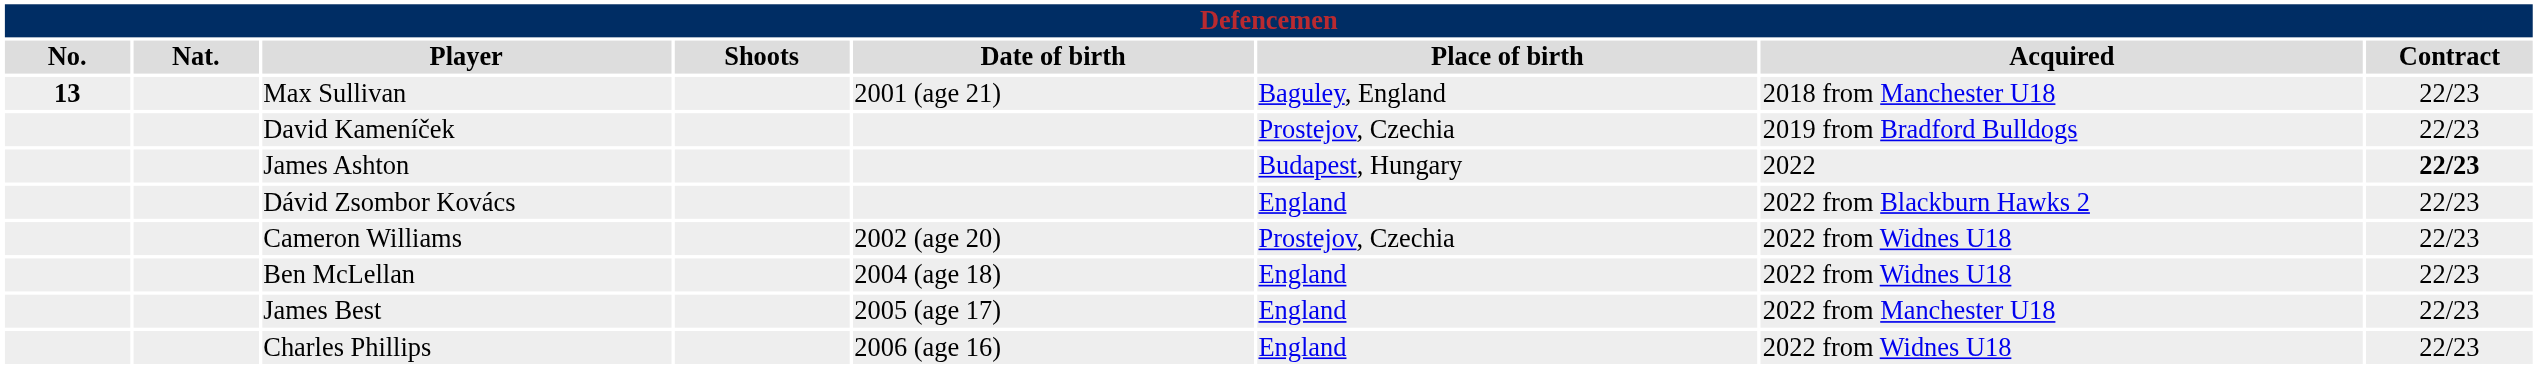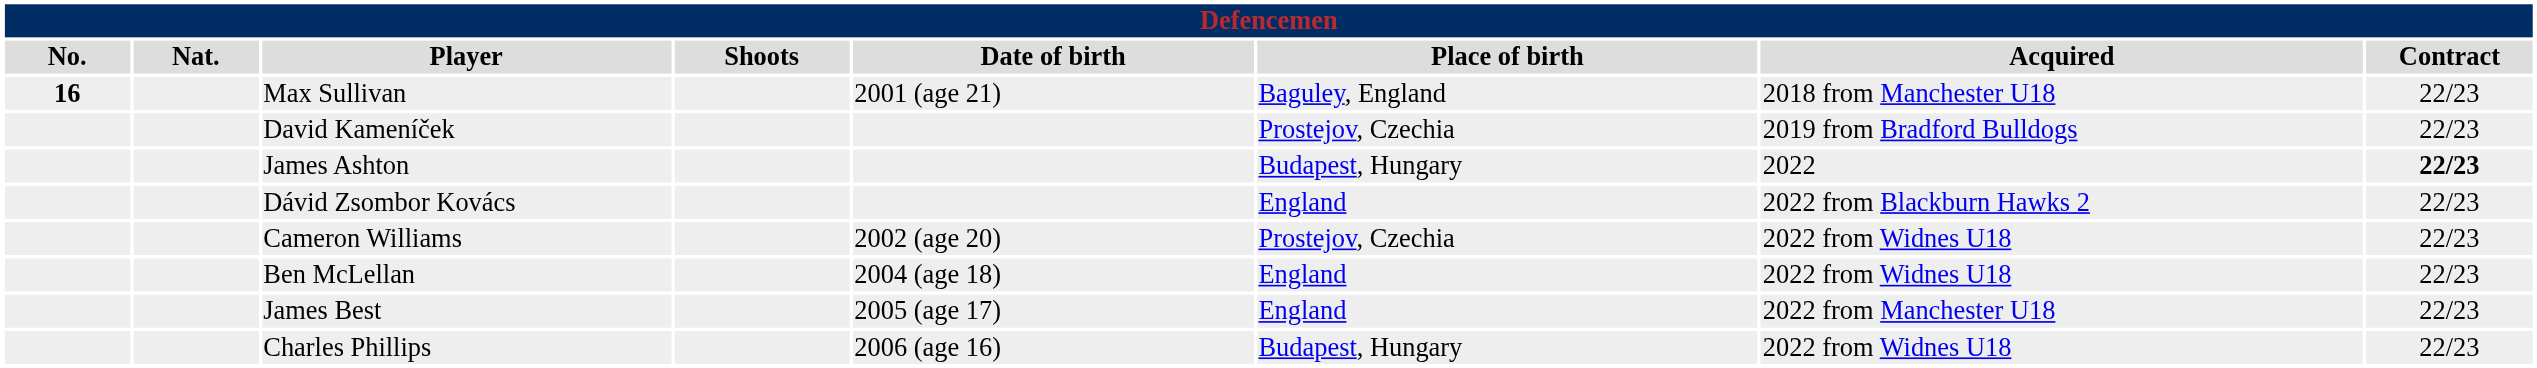 <table class="toccolours"  style="width:97%; clear:both; margin:1.5em auto; text-align:center;">
 <tr style="background:#ddd;">
 <th colspan="11" style="background:#002d64; color:#b92a30;”">Defencemen</th>
 </tr>
 <tr style="background:#ddd;">
 <th width=5%>No.</th>
 <th width=5%>Nat.</th>
 <th !width=22%>Player</th>
 <th width=7%>Shoots</th>
 <th width=16%>Date of birth</th>
 <th width=20%>Place of birth</th>
 <th width=24%>Acquired</th>
 <td><strong>Contract</strong></td>
 </tr>
 <tr style="background:#eee;">
-<td><strong>13</strong></td>
+<td><strong>16</strong></td>
 <td></td>
 <td align=left>Max Sullivan</td>
 <td></td>
 <td align=left>2001 (age 21)</td>
 <td align=left><a href='#'>Baguley</a>, England</td>
 <td align=left>2018 from <a href='#'>Manchester U18</a></td>
 <td>22/23</td>
 </tr>
 <tr style="background:#eee;">
 <td></td>
 <td></td>
 <td align=left>David Kameníček</td>
 <td></td>
 <td align=left></td>
 <td align=left><a href='#'>Prostejov</a>, Czechia</td>
 <td align=left>2019 from <a href='#'>Bradford Bulldogs</a></td>
 <td>22/23</td>
 </tr>
 <tr style="background:#eee;">
 <td></td>
 <td></td>
 <td align=left>James Ashton</td>
 <td></td>
 <td align=left></td>
 <td align=left><a href='#'>Budapest</a>, Hungary</td>
 <td align=left>2022</td>
 <td><strong>22/23</strong></td>
 </tr>
 <tr style="background:#eee;">
 <td></td>
 <td></td>
 <td align=left>Dávid Zsombor Kovács</td>
 <td></td>
 <td align=left></td>
 <td align=left><a href='#'>England</a></td>
 <td align=left>2022 from <a href='#'>Blackburn Hawks 2</a></td>
 <td>22/23</td>
 </tr>
 <tr style="background:#eee;">
 <td></td>
 <td></td>
 <td align=left>Cameron Williams</td>
 <td></td>
 <td align=left>2002 (age 20)</td>
 <td align=left><a href='#'>Prostejov</a>, Czechia</td>
 <td align=left>2022 from <a href='#'>Widnes U18</a></td>
 <td>22/23</td>
 </tr>
 <tr style="background:#eee;">
 <td></td>
 <td></td>
 <td align=left>Ben McLellan</td>
 <td></td>
 <td align=left>2004 (age 18)</td>
 <td align=left><a href='#'>England</a></td>
 <td align=left>2022 from <a href='#'>Widnes U18</a></td>
 <td>22/23</td>
 </tr>
 <tr style="background:#eee;">
 <td></td>
 <td></td>
 <td align=left>James Best</td>
 <td></td>
 <td align=left>2005 (age 17)</td>
 <td align=left><a href='#'>England</a></td>
 <td align=left>2022 from <a href='#'>Manchester U18</a></td>
 <td>22/23</td>
 </tr>
 <tr style="background:#eee;">
 <td></td>
 <td></td>
 <td align=left>Charles Phillips</td>
 <td></td>
 <td align=left>2006 (age 16)</td>
-<td align=left><a href='#'>England</a></td>
+<td align=left><a href='#'>Budapest</a>, Hungary</td>
 <td align=left>2022 from <a href='#'>Widnes U18</a></td>
 <td>22/23</td>
 </tr>
 </table>
